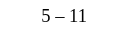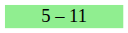 <table style="text-align:center">
 <tr>
 <th width=200></th>
 <th width=100></th>
 <th width=200></th>
 </tr>
 <tr>
 <td align=right></td>
-<td>5 – 11</td>
+<td style="background: lightgreen;">5 – 11</td>
 <td align=left><strong></strong></td>
 </tr>
 </table>
